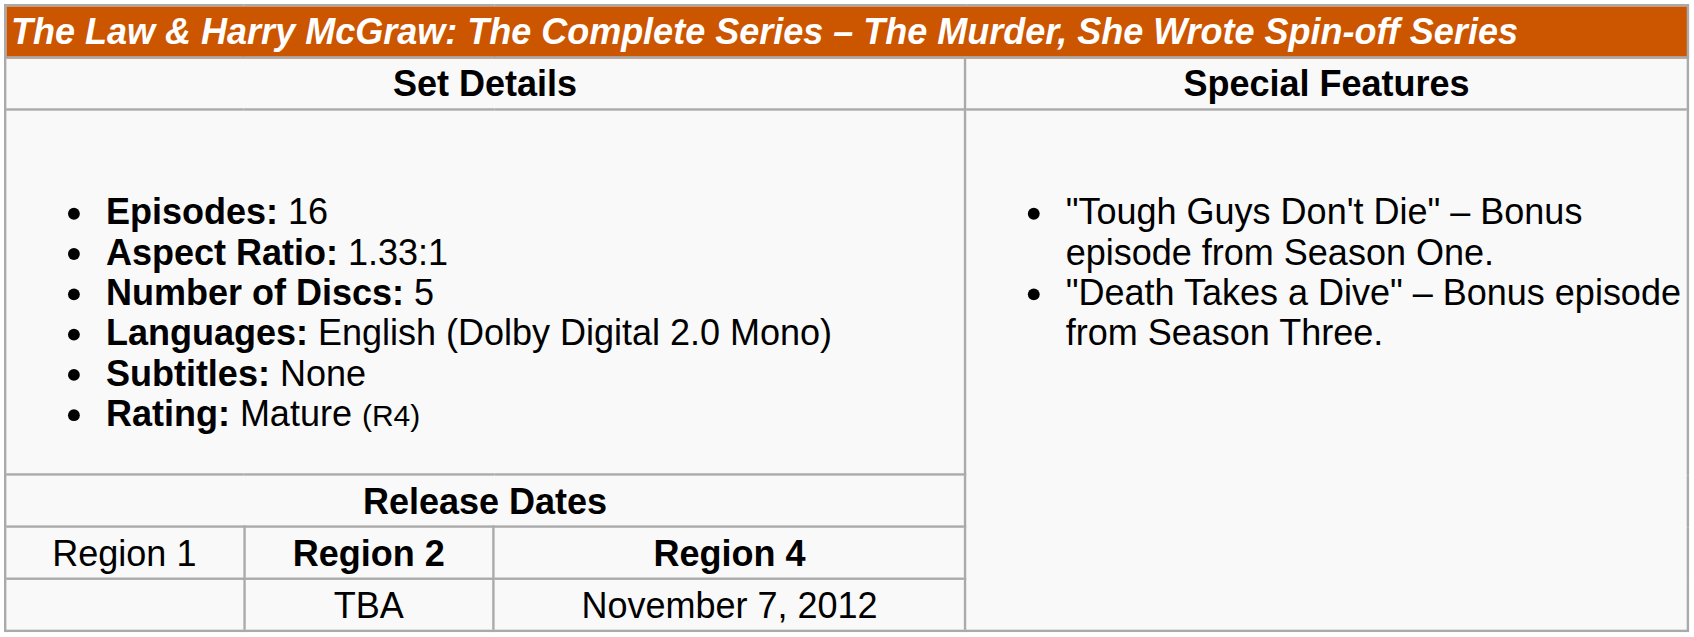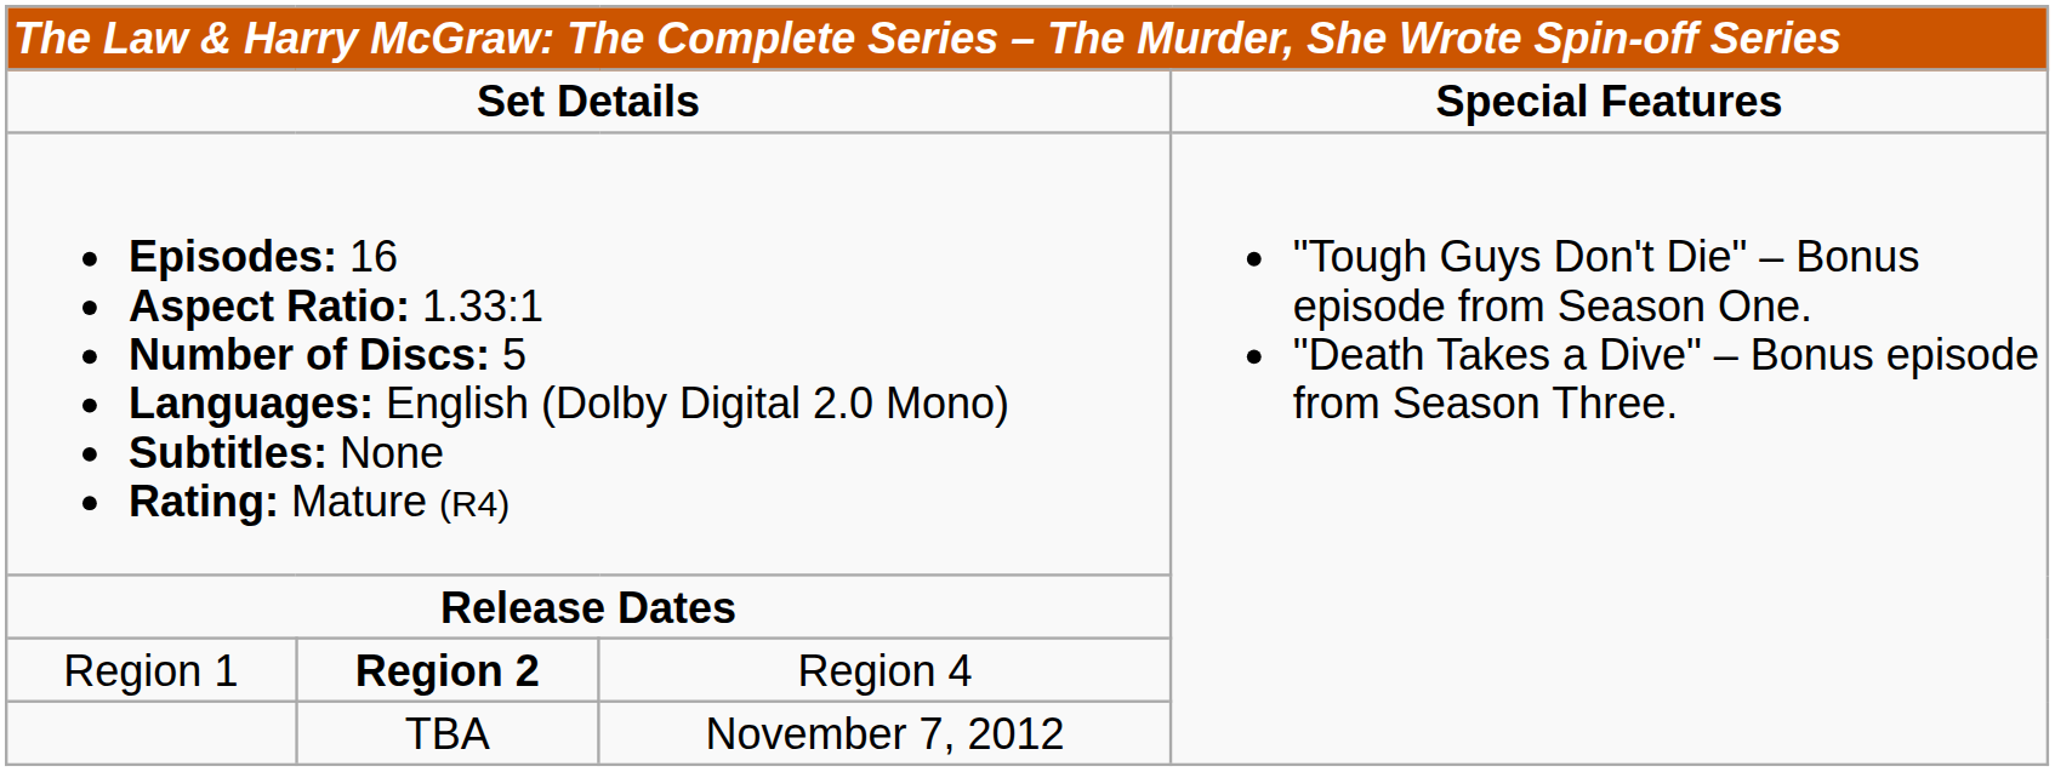 <table border="2" cellpadding="2" cellspacing="0" style="margin: 0 1em 0 0; background: #f9f9f9; border: 1px #aaa solid; border-collapse: collapse; font-size: 95%;">
 <tr style="background:#CC5500">
 <td colspan="5" style="color:white"><strong><em>The Law & Harry McGraw: The Complete Series – The Murder, She Wrote Spin-off Series</em></strong></td>
 </tr>
 <tr valign="top">
 <td align="center" width="400" colspan="3"><strong>Set Details</strong></td>
 <td width="300" align="center"><strong>Special Features</strong></td>
 </tr>
 <tr valign="top">
 <td colspan="3" align="left" width="400"><br><ul><li><strong>Episodes:</strong> 16</li><li><strong>Aspect Ratio:</strong> 1.33:1</li><li><strong>Number of Discs:</strong> 5</li><li><strong>Languages:</strong> English (Dolby Digital 2.0 Mono)</li><li><strong>Subtitles:</strong> None</li><li><strong>Rating:</strong> Mature <small>(R4)</small></li></ul></td>
 <td rowspan="4" align="left" width="300"><br><ul><li>"Tough Guys Don't Die" – Bonus episode from Season One.</li><li>"Death Takes a Dive" – Bonus episode from Season Three.</li></ul></td>
 </tr>
 <tr>
 <td colspan="3" align="center"><strong>Release Dates</strong></td>
 </tr>
 <tr>
 <td align="center">Region 1</td>
 <td align="center"><strong>Region 2</strong></td>
-<td align="center"><strong>Region 4</strong></td>
+<td align="center">Region 4</td>
 </tr>
 <tr>
 <td></td>
 <td align="center">TBA</td>
 <td align="center">November 7, 2012</td>
 </tr>
 </table>
